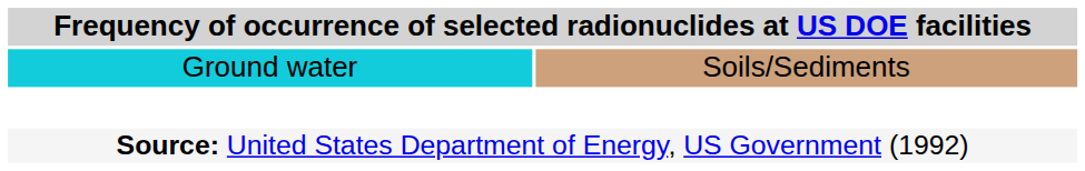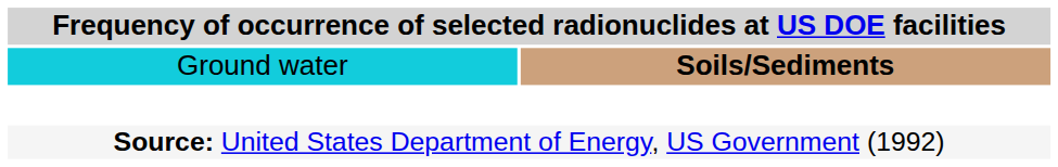 <table style="background:white; color:white;" align="center">
 <tr>
 <td colspan=6 style="width:700px; background:#black; color:black;font-size:105%" align=center bgcolor=#d3d3d3><strong>Frequency of occurrence of selected radionuclides at <a href='#'>US DOE</a> facilities</strong></td>
 </tr>
 <tr>
 <td style="width:350px; color:black; font-size:105%" align=center bgcolor=#12ccdc>Ground water</td>
-<td style="width:350px; color:black; font-size:105%" align=center bgcolor=#cca17c>Soils/Sediments</td>
+<td style="width:350px; color:black; font-size:105%" align=center bgcolor=#cca17c><strong>Soils/Sediments</strong></td>
 </tr>
 <tr align="center">
 <td><br></td>
 <td><br></td>
 </tr>
 <tr>
 <td colspan="6" align=center style="background:#f5f5f5; color:black;"><strong>Source:</strong> <a href='#'>United States Department of Energy</a>, <a href='#'>US Government</a> (1992)</td>
 </tr>
 </table>
